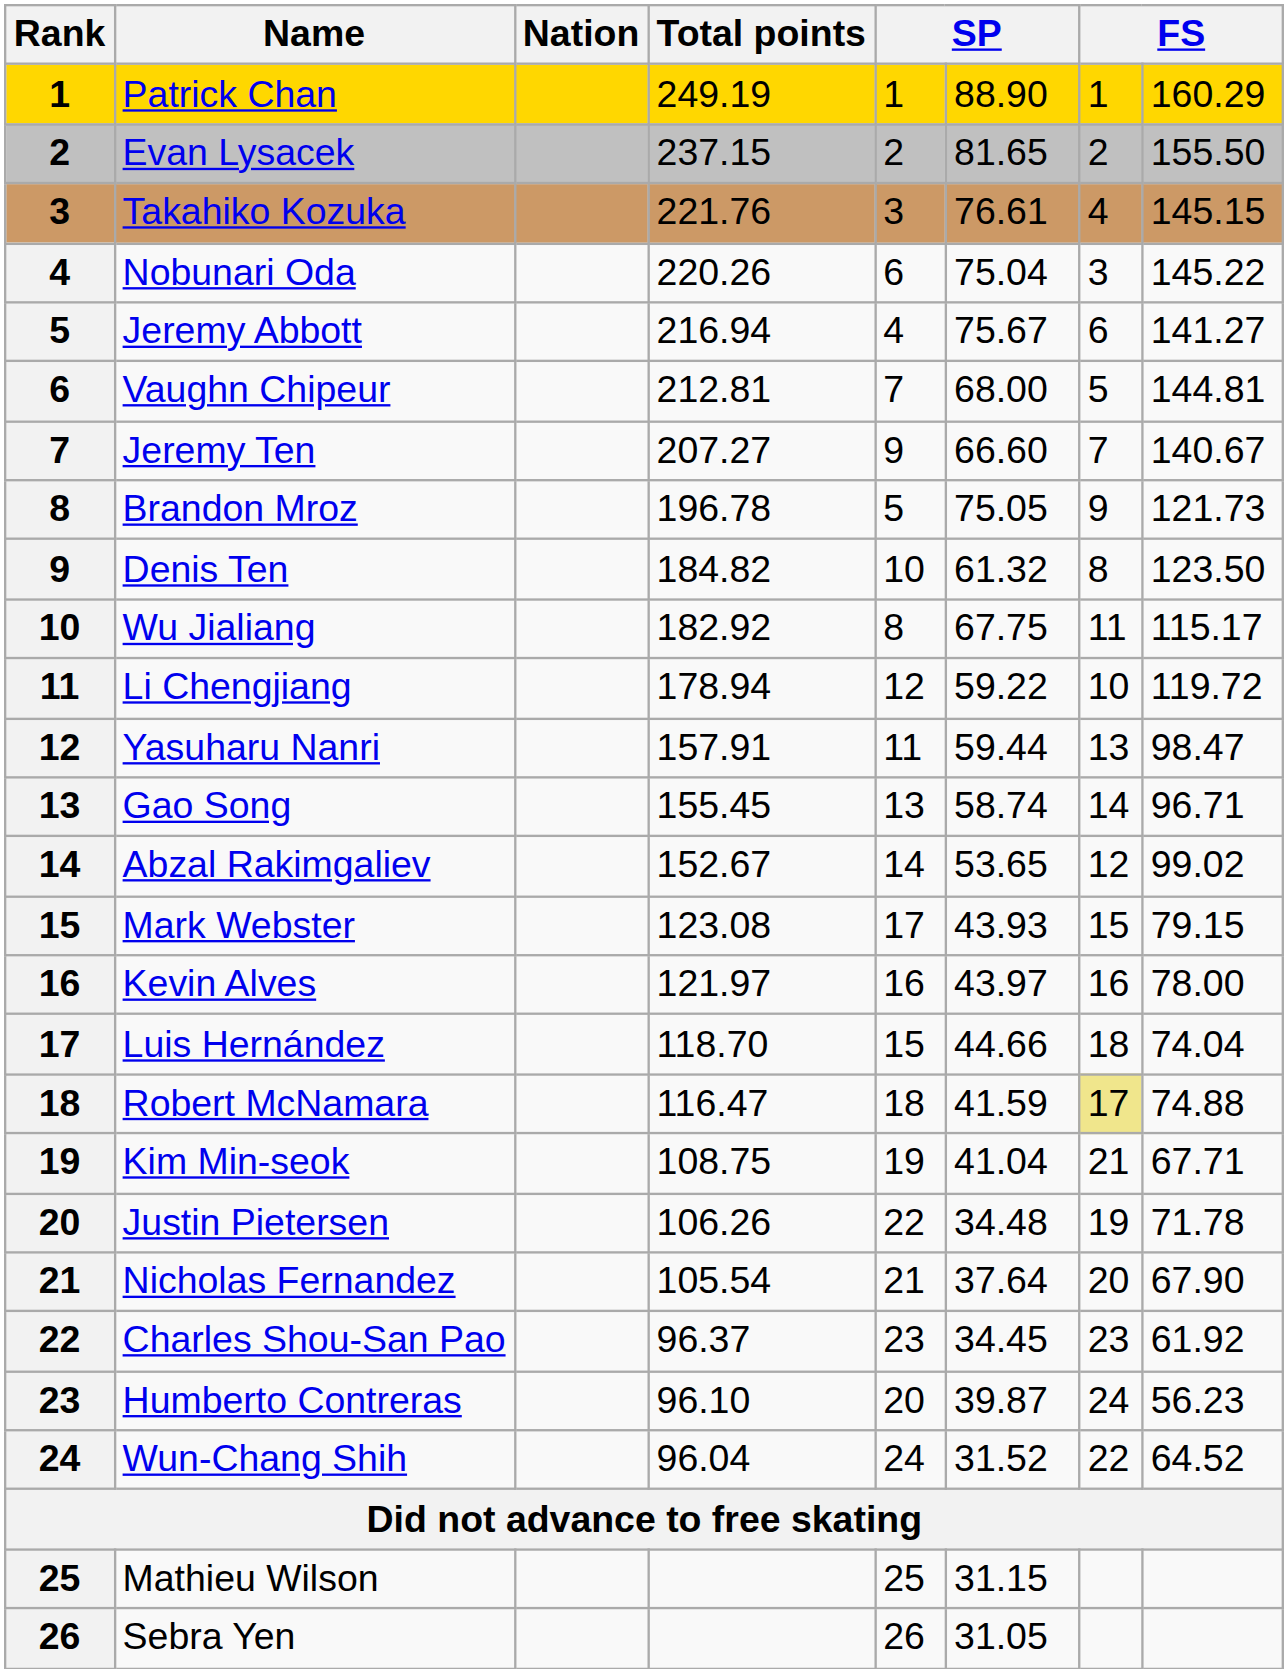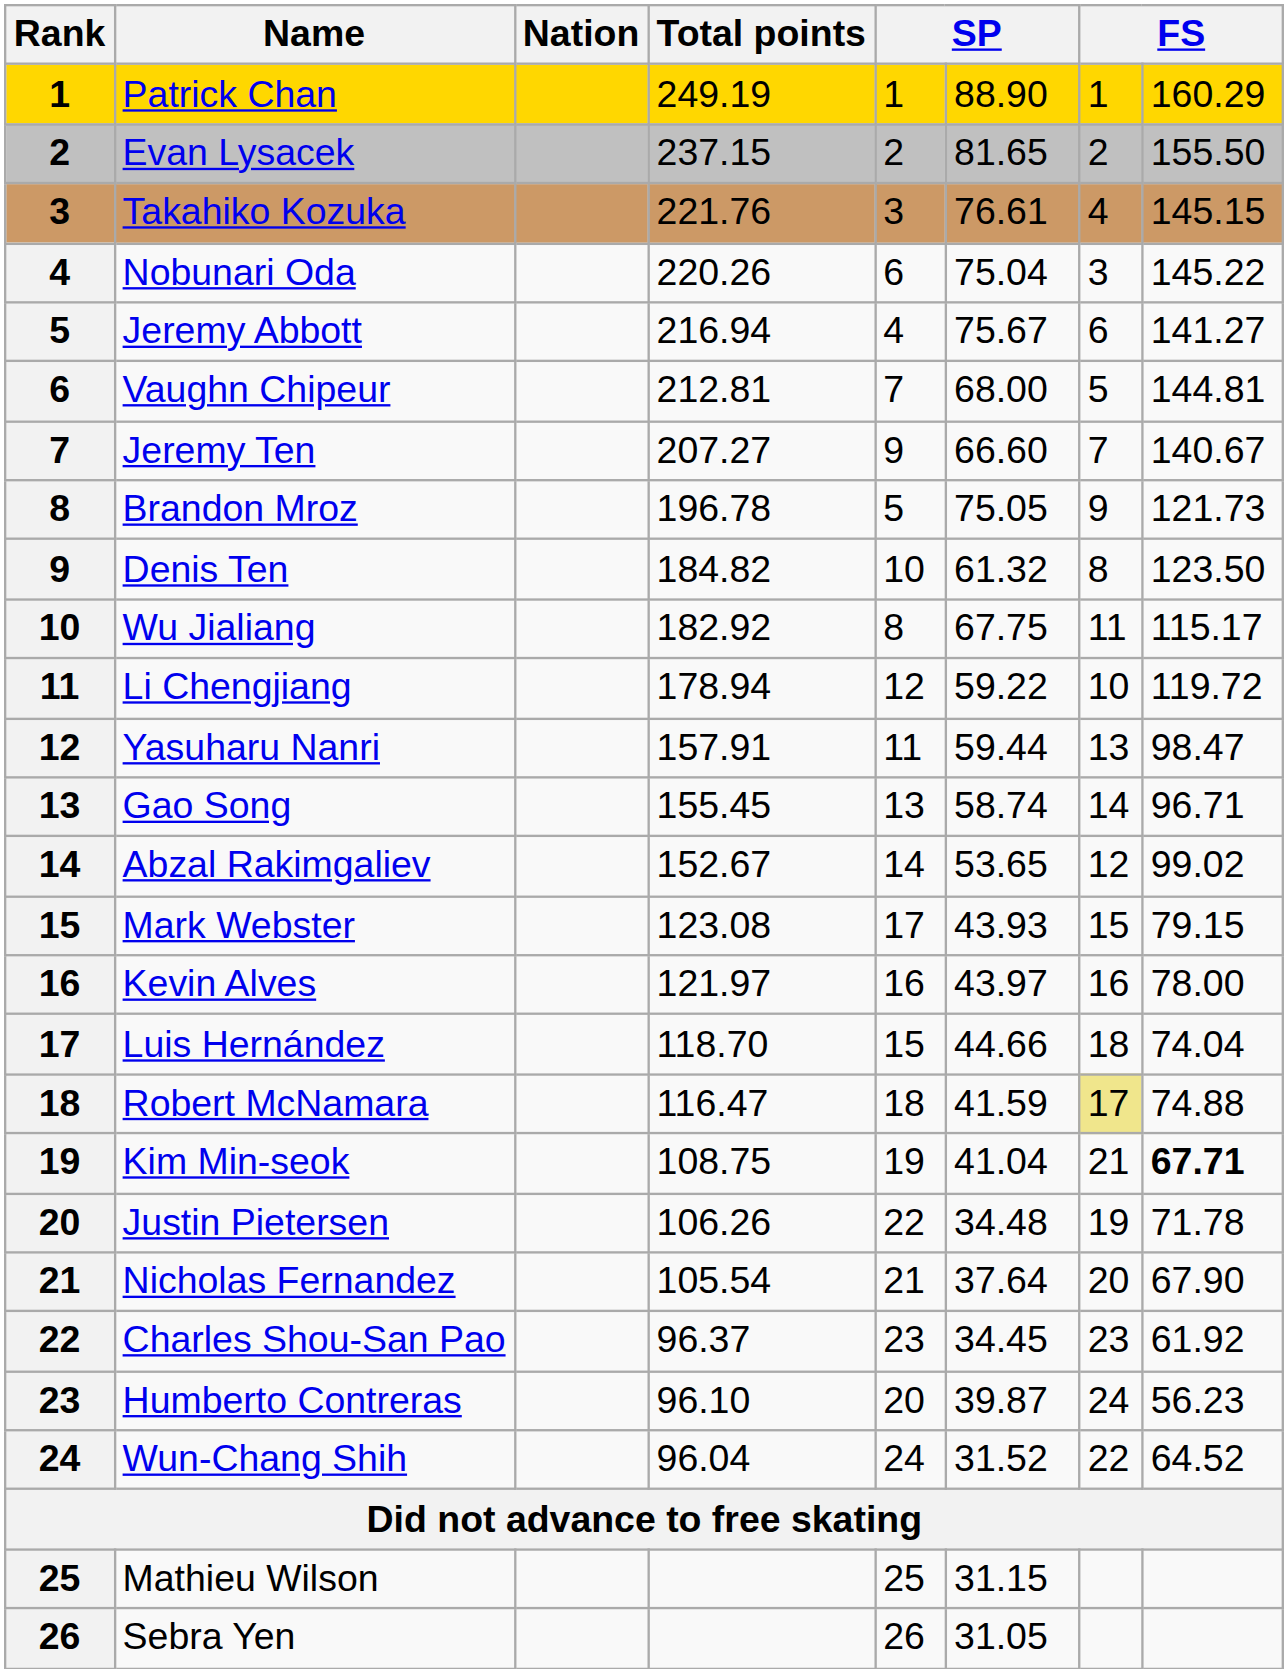 <table class="wikitable">
 <tr>
 <th>Rank</th>
 <th>Name</th>
 <th>Nation</th>
 <th>Total points</th>
 <th colspan="2" width="80px"><a href='#'>SP</a></th>
 <th colspan="2" width="80px"><a href='#'>FS</a></th>
 </tr>
 <tr bgcolor="gold">
 <td align="center"><strong>1</strong></td>
 <td><a href='#'>Patrick Chan</a></td>
 <td></td>
 <td>249.19</td>
 <td>1</td>
 <td>88.90</td>
 <td>1</td>
 <td>160.29</td>
 </tr>
 <tr bgcolor="silver">
 <td align="center"><strong>2</strong></td>
 <td><a href='#'>Evan Lysacek</a></td>
 <td></td>
 <td>237.15</td>
 <td>2</td>
 <td>81.65</td>
 <td>2</td>
 <td>155.50</td>
 </tr>
 <tr bgcolor="cc9966">
 <td align="center"><strong>3</strong></td>
 <td><a href='#'>Takahiko Kozuka</a></td>
 <td></td>
 <td>221.76</td>
 <td>3</td>
 <td>76.61</td>
 <td>4</td>
 <td>145.15</td>
 </tr>
 <tr>
 <th>4</th>
 <td><a href='#'>Nobunari Oda</a></td>
 <td></td>
 <td>220.26</td>
 <td>6</td>
 <td>75.04</td>
 <td>3</td>
 <td>145.22</td>
 </tr>
 <tr>
 <th>5</th>
 <td><a href='#'>Jeremy Abbott</a></td>
 <td></td>
 <td>216.94</td>
 <td>4</td>
 <td>75.67</td>
 <td>6</td>
 <td>141.27</td>
 </tr>
 <tr>
 <th>6</th>
 <td><a href='#'>Vaughn Chipeur</a></td>
 <td></td>
 <td>212.81</td>
 <td>7</td>
 <td>68.00</td>
 <td>5</td>
 <td>144.81</td>
 </tr>
 <tr>
 <th>7</th>
 <td><a href='#'>Jeremy Ten</a></td>
 <td></td>
 <td>207.27</td>
 <td>9</td>
 <td>66.60</td>
 <td>7</td>
 <td>140.67</td>
 </tr>
 <tr>
 <th>8</th>
 <td><a href='#'>Brandon Mroz</a></td>
 <td></td>
 <td>196.78</td>
 <td>5</td>
 <td>75.05</td>
 <td>9</td>
 <td>121.73</td>
 </tr>
 <tr>
 <th>9</th>
 <td><a href='#'>Denis Ten</a></td>
 <td></td>
 <td>184.82</td>
 <td>10</td>
 <td>61.32</td>
 <td>8</td>
 <td>123.50</td>
 </tr>
 <tr>
 <th>10</th>
 <td><a href='#'>Wu Jialiang</a></td>
 <td></td>
 <td>182.92</td>
 <td>8</td>
 <td>67.75</td>
 <td>11</td>
 <td>115.17</td>
 </tr>
 <tr>
 <th>11</th>
 <td><a href='#'>Li Chengjiang</a></td>
 <td></td>
 <td>178.94</td>
 <td>12</td>
 <td>59.22</td>
 <td>10</td>
 <td>119.72</td>
 </tr>
 <tr>
 <th>12</th>
 <td><a href='#'>Yasuharu Nanri</a></td>
 <td></td>
 <td>157.91</td>
 <td>11</td>
 <td>59.44</td>
 <td>13</td>
 <td>98.47</td>
 </tr>
 <tr>
 <th>13</th>
 <td><a href='#'>Gao Song</a></td>
 <td></td>
 <td>155.45</td>
 <td>13</td>
 <td>58.74</td>
 <td>14</td>
 <td>96.71</td>
 </tr>
 <tr>
 <th>14</th>
 <td><a href='#'>Abzal Rakimgaliev</a></td>
 <td></td>
 <td>152.67</td>
 <td>14</td>
 <td>53.65</td>
 <td>12</td>
 <td>99.02</td>
 </tr>
 <tr>
 <th>15</th>
 <td><a href='#'>Mark Webster</a></td>
 <td></td>
 <td>123.08</td>
 <td>17</td>
 <td>43.93</td>
 <td>15</td>
 <td>79.15</td>
 </tr>
 <tr>
 <th>16</th>
 <td><a href='#'>Kevin Alves</a></td>
 <td></td>
 <td>121.97</td>
 <td>16</td>
 <td>43.97</td>
 <td>16</td>
 <td>78.00</td>
 </tr>
 <tr>
 <th>17</th>
 <td><a href='#'>Luis Hernández</a></td>
 <td></td>
 <td>118.70</td>
 <td>15</td>
 <td>44.66</td>
 <td>18</td>
 <td>74.04</td>
 </tr>
 <tr>
 <th>18</th>
 <td><a href='#'>Robert McNamara</a></td>
 <td></td>
 <td>116.47</td>
 <td>18</td>
 <td>41.59</td>
 <td style="background: khaki;">17</td>
 <td>74.88</td>
 </tr>
 <tr>
 <th>19</th>
 <td><a href='#'>Kim Min-seok</a></td>
 <td></td>
 <td>108.75</td>
 <td>19</td>
 <td>41.04</td>
 <td>21</td>
-<td>67.71</td>
+<td><strong>67.71</strong></td>
 </tr>
 <tr>
 <th>20</th>
 <td><a href='#'>Justin Pietersen</a></td>
 <td></td>
 <td>106.26</td>
 <td>22</td>
 <td>34.48</td>
 <td>19</td>
 <td>71.78</td>
 </tr>
 <tr>
 <th>21</th>
 <td><a href='#'>Nicholas Fernandez</a></td>
 <td></td>
 <td>105.54</td>
 <td>21</td>
 <td>37.64</td>
 <td>20</td>
 <td>67.90</td>
 </tr>
 <tr>
 <th>22</th>
 <td><a href='#'>Charles Shou-San Pao</a></td>
 <td></td>
 <td>96.37</td>
 <td>23</td>
 <td>34.45</td>
 <td>23</td>
 <td>61.92</td>
 </tr>
 <tr>
 <th>23</th>
 <td><a href='#'>Humberto Contreras</a></td>
 <td></td>
 <td>96.10</td>
 <td>20</td>
 <td>39.87</td>
 <td>24</td>
 <td>56.23</td>
 </tr>
 <tr>
 <th>24</th>
 <td><a href='#'>Wun-Chang Shih</a></td>
 <td></td>
 <td>96.04</td>
 <td>24</td>
 <td>31.52</td>
 <td>22</td>
 <td>64.52</td>
 </tr>
 <tr>
 <th colspan=8>Did not advance to free skating</th>
 </tr>
 <tr>
 <th>25</th>
 <td>Mathieu Wilson</td>
 <td></td>
 <td></td>
 <td>25</td>
 <td>31.15</td>
 <td></td>
 <td></td>
 </tr>
 <tr>
 <th>26</th>
 <td>Sebra Yen</td>
 <td></td>
 <td></td>
 <td>26</td>
 <td>31.05</td>
 <td></td>
 <td></td>
 </tr>
 </table>
